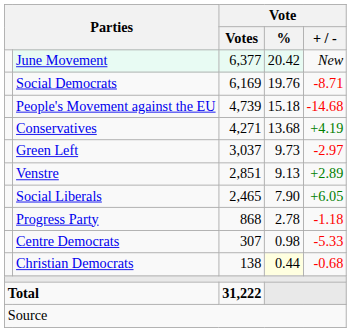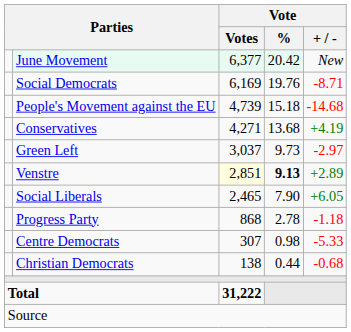 <table class="wikitable" style="text-align:right;">
 <tr>
 <th style="text-align:centre;" rowspan="2" colspan="2" width="225">Parties</th>
 <th colspan="3">Vote</th>
 </tr>
 <tr>
 <th width="15">Votes</th>
 <th width="15">%</th>
 <th width="15">+ / -</th>
 </tr>
 <tr>
 <td width="2" style="color:inherit;background:"></td>
 <td bgcolor=#e8fbf3   align="left"><a href='#'>June Movement</a></td>
 <td bgcolor=#e8fbf3>6,377</td>
 <td bgcolor=#e8fbf3>20.42</td>
 <td><em>New</em></td>
 </tr>
 <tr>
 <td width="2" style="color:inherit;background:"></td>
 <td align="left"><a href='#'>Social Democrats</a></td>
 <td>6,169</td>
 <td>19.76</td>
 <td style=color:red;>-8.71</td>
 </tr>
 <tr>
 <td width="2" style="color:inherit;background:"></td>
 <td align="left"><a href='#'>People's Movement against the EU</a></td>
 <td>4,739</td>
 <td>15.18</td>
 <td style=color:red;>-14.68</td>
 </tr>
 <tr>
 <td width="2" style="color:inherit;background:"></td>
 <td align="left"><a href='#'>Conservatives</a></td>
 <td>4,271</td>
 <td>13.68</td>
 <td style=color:green;>+4.19</td>
 </tr>
 <tr>
 <td width="2" style="color:inherit;background:"></td>
 <td align="left"><a href='#'>Green Left</a></td>
 <td>3,037</td>
 <td>9.73</td>
 <td style=color:red;>-2.97</td>
 </tr>
 <tr>
 <td width="2" style="color:inherit;background:"></td>
 <td align="left"><a href='#'>Venstre</a></td>
-<td>2,851</td>
-<td>9.13</td>
+<td style="background: lightyellow;">2,851</td>
+<td><strong>9.13</strong></td>
 <td style=color:green;>+2.89</td>
 </tr>
 <tr>
 <td width="2" style="color:inherit;background:"></td>
 <td align="left"><a href='#'>Social Liberals</a></td>
 <td>2,465</td>
 <td>7.90</td>
 <td style=color:green;>+6.05</td>
 </tr>
 <tr>
 <td width="2" style="color:inherit;background:"></td>
 <td align="left"><a href='#'>Progress Party</a></td>
 <td>868</td>
 <td>2.78</td>
 <td style=color:red;>-1.18</td>
 </tr>
 <tr>
 <td width="2" style="color:inherit;background:"></td>
 <td align="left"><a href='#'>Centre Democrats</a></td>
 <td>307</td>
 <td>0.98</td>
 <td style=color:red;>-5.33</td>
 </tr>
 <tr>
 <td width="2" style="color:inherit;background:"></td>
 <td align="left"><a href='#'>Christian Democrats</a></td>
 <td>138</td>
-<td style="background: lightyellow;">0.44</td>
+<td>0.44</td>
 <td style=color:red;>-0.68</td>
 </tr>
 <tr>
 <td colspan="7" bgcolor="#E9E9E9"></td>
 </tr>
 <tr>
 <td align="left" colspan="2"><strong>Total</strong></td>
 <td><strong>31,222</strong></td>
 <td bgcolor="#E9E9E9" colspan="2"></td>
 </tr>
 <tr>
 <td align="left" colspan="6">Source</td>
 </tr>
 </table>
